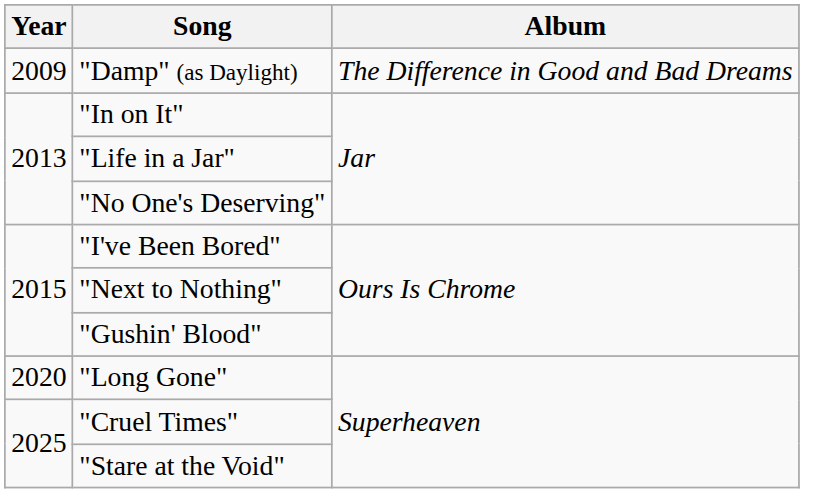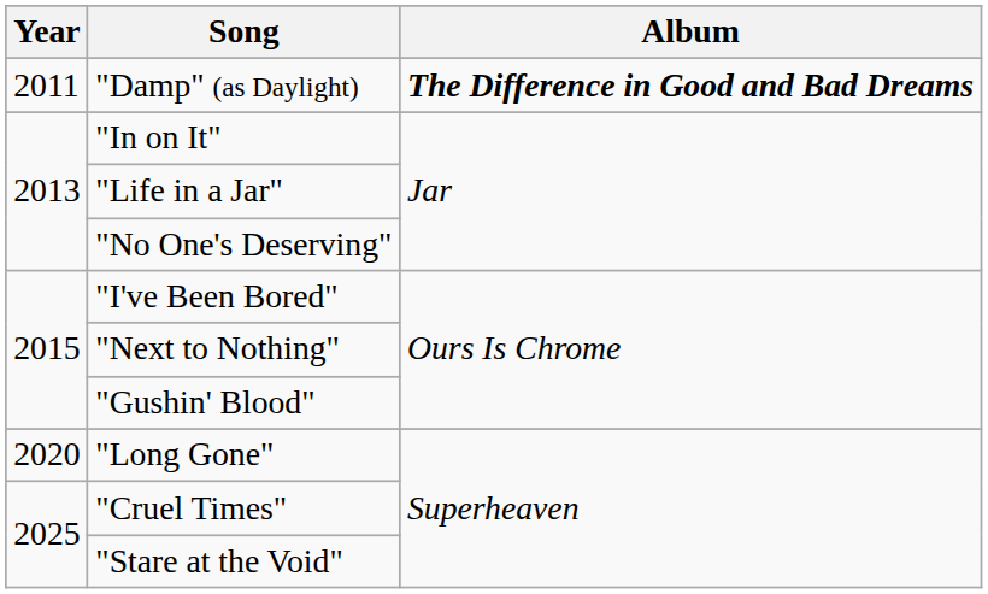 <table class="wikitable">
 <tr>
 <th>Year</th>
 <th>Song</th>
 <th>Album</th>
 </tr>
 <tr>
-<td>2009</td>
+<td>2011</td>
 <td>"Damp" <small>(as Daylight)</small></td>
-<td><em>The Difference in Good and Bad Dreams</em></td>
+<td><strong><em>The Difference in Good and Bad Dreams</em></strong></td>
 </tr>
 <tr>
 <td rowspan=3>2013</td>
 <td>"In on It"</td>
 <td rowspan=3><em>Jar</em></td>
 </tr>
 <tr>
 <td>"Life in a Jar"</td>
 </tr>
 <tr>
 <td>"No One's Deserving"</td>
 </tr>
 <tr>
 <td rowspan=3>2015</td>
 <td>"I've Been Bored"</td>
 <td rowspan=3><em>Ours Is Chrome</em></td>
 </tr>
 <tr>
 <td>"Next to Nothing"</td>
 </tr>
 <tr>
 <td>"Gushin' Blood"</td>
 </tr>
 <tr>
 <td>2020</td>
 <td>"Long Gone"</td>
 <td rowspan=3><em>Superheaven</em></td>
 </tr>
 <tr>
 <td rowspan=2>2025</td>
 <td>"Cruel Times"</td>
 </tr>
 <tr>
 <td>"Stare at the Void"</td>
 </tr>
 </table>
